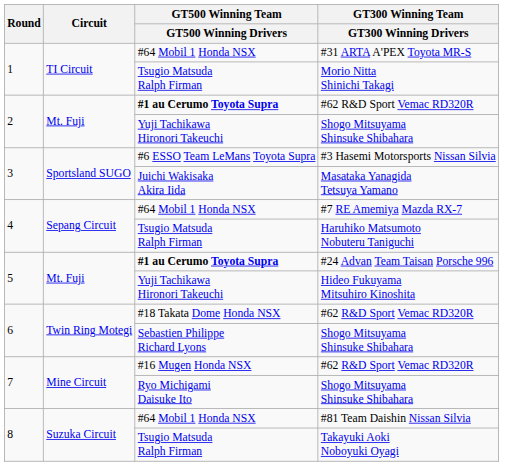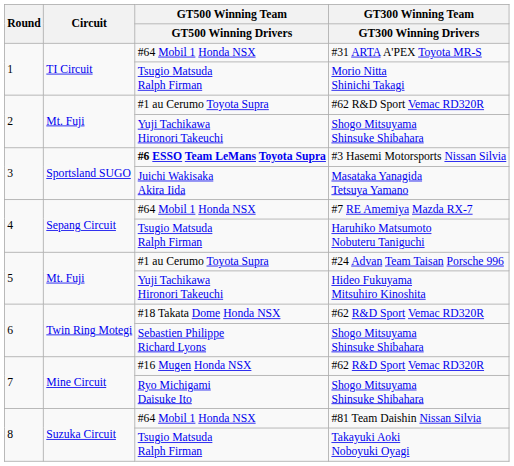 <table class="wikitable" style="font-size: 90%;">
 <tr>
 <th rowspan=2>Round</th>
 <th rowspan=2>Circuit</th>
 <th>GT500 Winning Team</th>
 <th>GT300 Winning Team</th>
 </tr>
 <tr>
 <th>GT500 Winning Drivers</th>
 <th>GT300 Winning Drivers</th>
 </tr>
 <tr>
 <td rowspan=2>1</td>
 <td rowspan=2><a href='#'>TI Circuit</a></td>
 <td>#64 <a href='#'>Mobil 1</a> <a href='#'>Honda NSX</a></td>
 <td>#31 <a href='#'>ARTA</a> A'PEX <a href='#'>Toyota MR-S</a></td>
 </tr>
 <tr>
 <td> <a href='#'>Tsugio Matsuda</a><br> <a href='#'>Ralph Firman</a></td>
 <td> <a href='#'>Morio Nitta</a><br> <a href='#'>Shinichi Takagi</a></td>
 </tr>
 <tr>
 <td rowspan=2>2</td>
 <td rowspan=2><a href='#'>Mt. Fuji</a></td>
-<td><strong>#1 au Cerumo <a href='#'>Toyota Supra</a></strong></td>
+<td>#1 au Cerumo <a href='#'>Toyota Supra</a></td>
 <td>#62 R&D Sport <a href='#'>Vemac RD320R</a></td>
 </tr>
 <tr>
 <td> <a href='#'>Yuji Tachikawa</a><br> <a href='#'>Hironori Takeuchi</a></td>
 <td> <a href='#'>Shogo Mitsuyama</a><br> <a href='#'>Shinsuke Shibahara</a></td>
 </tr>
 <tr>
 <td rowspan=2>3</td>
 <td rowspan=2><a href='#'>Sportsland SUGO</a></td>
-<td>#6 <a href='#'>ESSO</a> <a href='#'>Team LeMans</a> <a href='#'>Toyota Supra</a></td>
+<td><strong>#6 <a href='#'>ESSO</a> <a href='#'>Team LeMans</a> <a href='#'>Toyota Supra</a></strong></td>
 <td>#3 Hasemi Motorsports <a href='#'>Nissan Silvia</a></td>
 </tr>
 <tr>
 <td> <a href='#'>Juichi Wakisaka</a><br> <a href='#'>Akira Iida</a></td>
 <td> <a href='#'>Masataka Yanagida</a><br> <a href='#'>Tetsuya Yamano</a></td>
 </tr>
 <tr>
 <td rowspan=2>4</td>
 <td rowspan=2><a href='#'>Sepang Circuit</a></td>
 <td>#64 <a href='#'>Mobil 1</a> <a href='#'>Honda NSX</a></td>
 <td>#7 <a href='#'>RE Amemiya</a> <a href='#'>Mazda RX-7</a></td>
 </tr>
 <tr>
 <td> <a href='#'>Tsugio Matsuda</a><br> <a href='#'>Ralph Firman</a></td>
 <td> <a href='#'>Haruhiko Matsumoto</a><br> <a href='#'>Nobuteru Taniguchi</a></td>
 </tr>
 <tr>
 <td rowspan=2>5</td>
 <td rowspan=2><a href='#'>Mt. Fuji</a></td>
-<td><strong>#1 au Cerumo <a href='#'>Toyota Supra</a></strong></td>
+<td>#1 au Cerumo <a href='#'>Toyota Supra</a></td>
 <td>#24 <a href='#'>Advan</a> <a href='#'>Team Taisan</a> <a href='#'>Porsche 996</a></td>
 </tr>
 <tr>
 <td> <a href='#'>Yuji Tachikawa</a><br> <a href='#'>Hironori Takeuchi</a></td>
 <td> <a href='#'>Hideo Fukuyama</a><br> <a href='#'>Mitsuhiro Kinoshita</a></td>
 </tr>
 <tr>
 <td rowspan=2>6</td>
 <td rowspan=2><a href='#'>Twin Ring Motegi</a></td>
 <td>#18 Takata <a href='#'>Dome</a> <a href='#'>Honda NSX</a></td>
 <td>#62 <a href='#'>R&D Sport</a> <a href='#'>Vemac RD320R</a></td>
 </tr>
 <tr>
 <td> <a href='#'>Sebastien Philippe</a><br> <a href='#'>Richard Lyons</a></td>
 <td> <a href='#'>Shogo Mitsuyama</a><br> <a href='#'>Shinsuke Shibahara</a></td>
 </tr>
 <tr>
 <td rowspan=2>7</td>
 <td rowspan=2><a href='#'>Mine Circuit</a></td>
 <td>#16 <a href='#'>Mugen</a> <a href='#'>Honda NSX</a></td>
 <td>#62 <a href='#'>R&D Sport</a> <a href='#'>Vemac RD320R</a></td>
 </tr>
 <tr>
 <td> <a href='#'>Ryo Michigami</a><br> <a href='#'>Daisuke Ito</a></td>
 <td> <a href='#'>Shogo Mitsuyama</a><br> <a href='#'>Shinsuke Shibahara</a></td>
 </tr>
 <tr>
 <td rowspan=2>8</td>
 <td rowspan=2><a href='#'>Suzuka Circuit</a></td>
 <td>#64 <a href='#'>Mobil 1</a> <a href='#'>Honda NSX</a></td>
 <td>#81 Team Daishin <a href='#'>Nissan Silvia</a></td>
 </tr>
 <tr>
 <td> <a href='#'>Tsugio Matsuda</a><br> <a href='#'>Ralph Firman</a></td>
 <td> <a href='#'>Takayuki Aoki</a><br> <a href='#'>Noboyuki Oyagi</a></td>
 </tr>
 </table>
